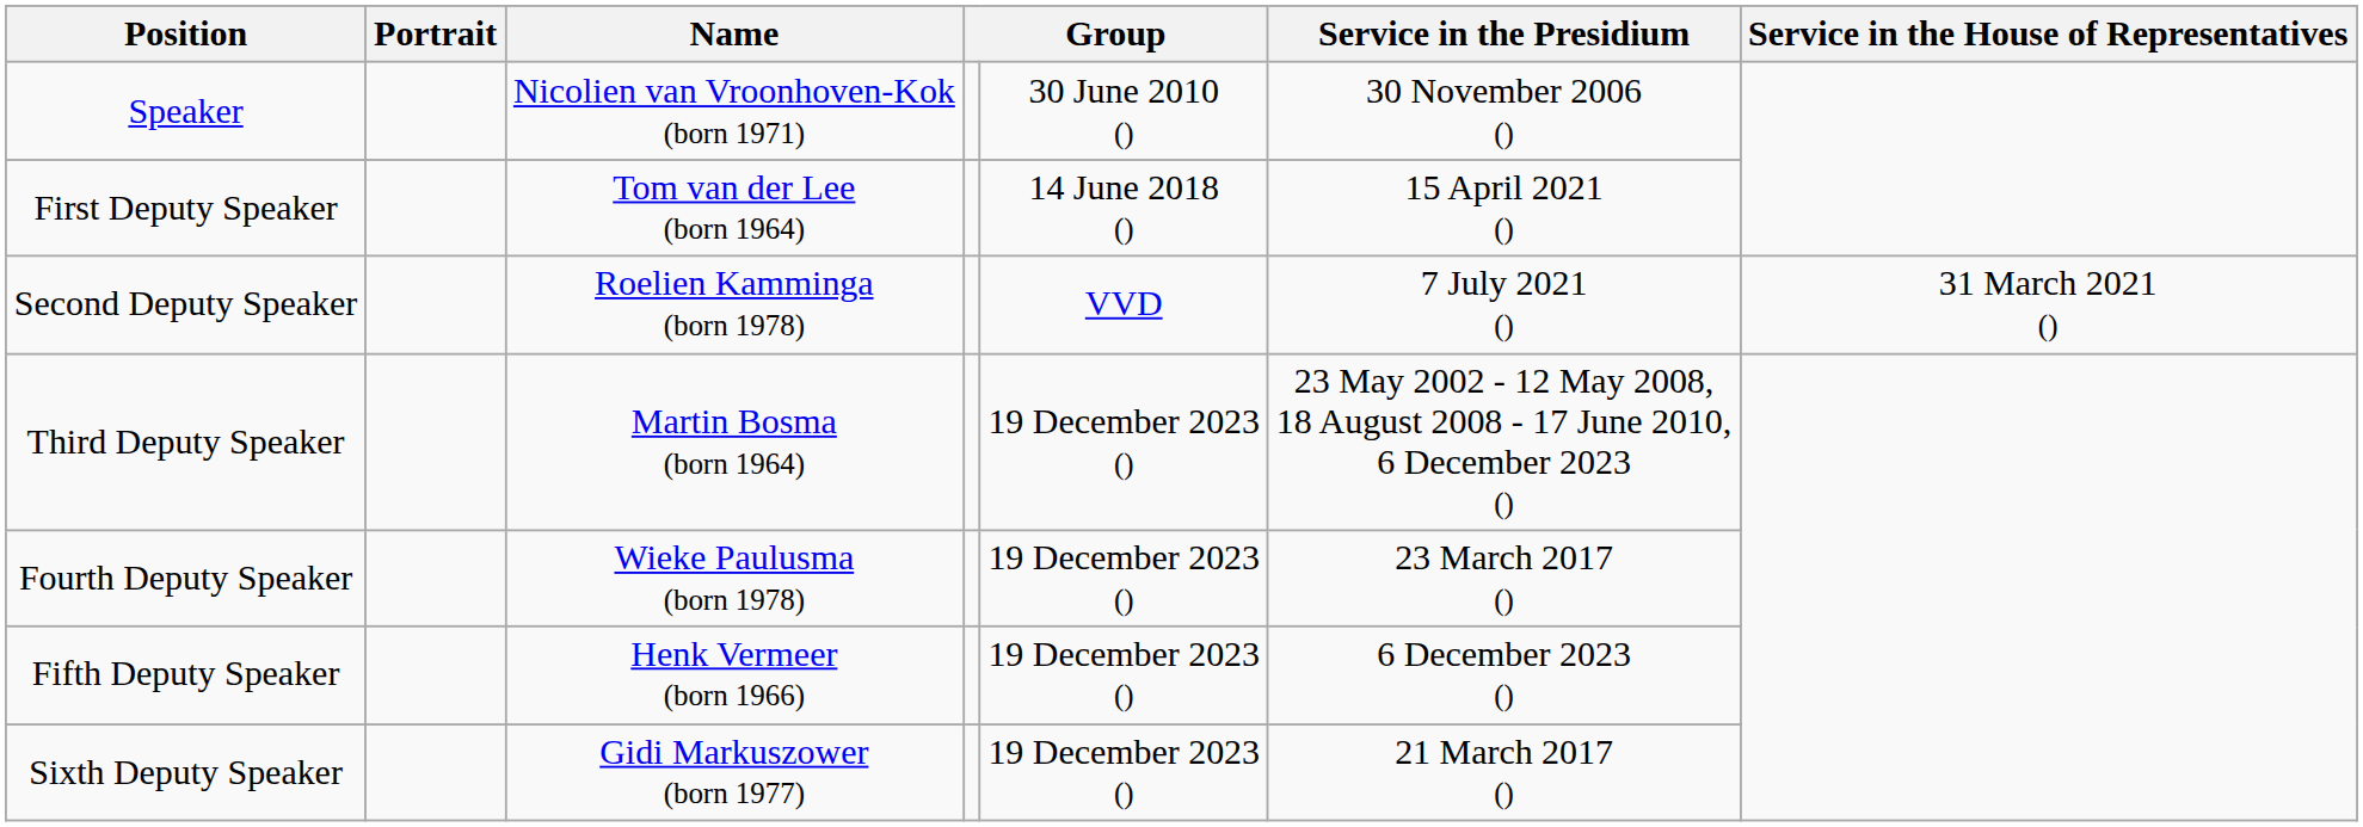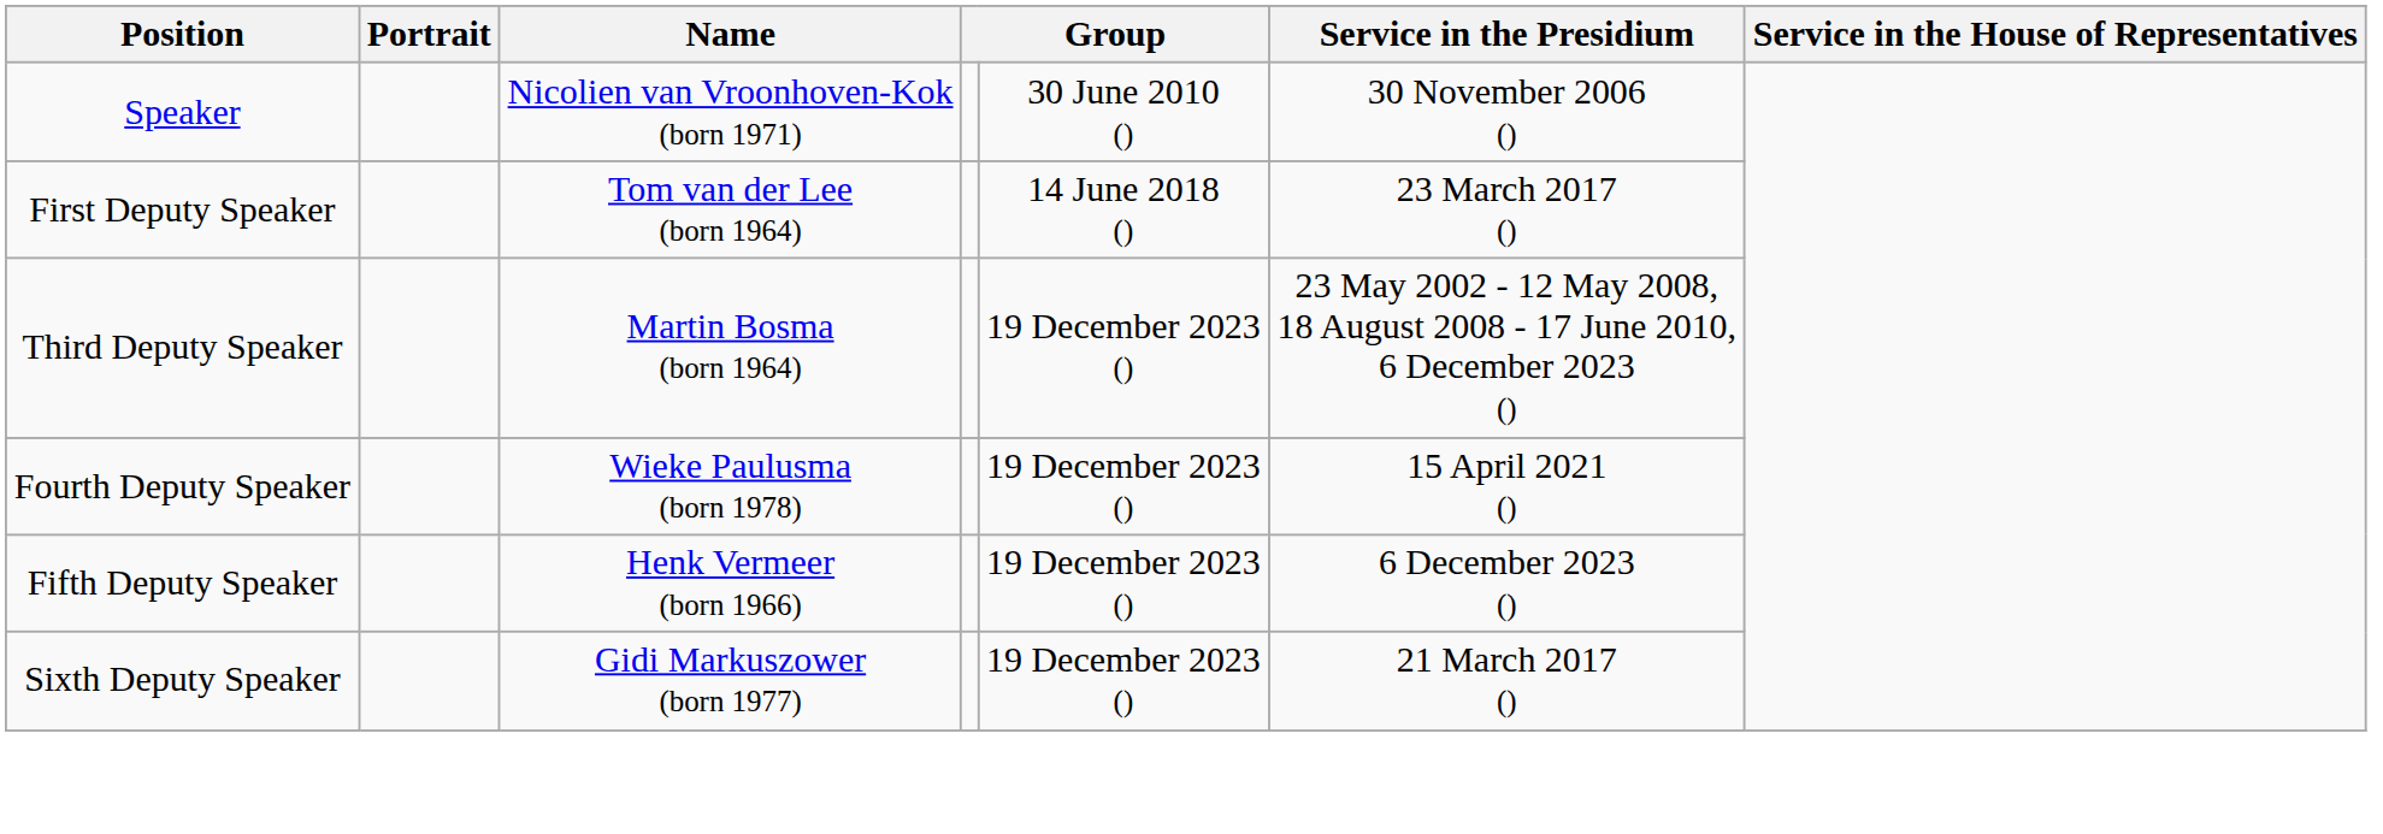 <table class="wikitable" style="text-align:center">
 <tr>
 <th>Position</th>
 <th>Portrait</th>
 <th>Name</th>
 <th colspan=2>Group</th>
 <th>Service in the Presidium</th>
 <th>Service in the House of Representatives</th>
 </tr>
 <tr>
 <td><a href='#'>Speaker</a></td>
 <td></td>
 <td><a href='#'>Nicolien van Vroonhoven-Kok</a> <br> <small>(born 1971)</small></td>
 <td></td>
 <td>30 June 2010 <br> <small>()</small></td>
 <td>30 November 2006 <br> <small>()</small></td>
 </tr>
 <tr>
 <td>First Deputy Speaker</td>
 <td></td>
 <td><a href='#'>Tom van der Lee</a> <br> <small>(born 1964)</small></td>
 <td></td>
 <td>14 June 2018 <br> <small>()</small></td>
-<td>15 April 2021 <br> <small>()</small></td>
-</tr>
-<tr>
-<td>Second Deputy Speaker</td>
-<td></td>
-<td><a href='#'>Roelien Kamminga</a> <br> <small>(born 1978)</small></td>
-<td style="background:"></td>
-<td><a href='#'>VVD</a></td>
-<td>7 July 2021 <br> <small>()</small></td>
-<td>31 March 2021 <br> <small>()</small></td>
+<td>23 March 2017 <br> <small>()</small></td>
 </tr>
 <tr>
 <td>Third Deputy Speaker</td>
 <td></td>
 <td><a href='#'>Martin Bosma</a> <br> <small>(born 1964)</small></td>
 <td></td>
 <td>19 December 2023 <br> <small>()</small></td>
 <td>23 May 2002 - 12 May 2008, <br> 18 August 2008 - 17 June 2010, <br> 6 December 2023  <br> <small>()</small></td>
 </tr>
 <tr>
 <td>Fourth Deputy Speaker</td>
 <td></td>
 <td><a href='#'>Wieke Paulusma</a> <br> <small>(born 1978)</small></td>
 <td></td>
 <td>19 December 2023 <br> <small>()</small></td>
-<td>23 March 2017 <br> <small>()</small></td>
+<td>15 April 2021 <br> <small>()</small></td>
 </tr>
 <tr>
 <td>Fifth Deputy Speaker</td>
 <td></td>
 <td><a href='#'>Henk Vermeer</a> <br> <small>(born 1966)</small></td>
 <td></td>
 <td>19 December 2023 <br> <small>()</small></td>
 <td>6 December 2023 <br> <small>()</small></td>
 </tr>
 <tr>
 <td>Sixth Deputy Speaker</td>
 <td></td>
 <td><a href='#'>Gidi Markuszower</a> <br> <small>(born 1977)</small></td>
 <td></td>
 <td>19 December 2023 <br> <small>()</small></td>
 <td>21 March 2017 <br> <small>()</small></td>
 </tr>
 </table>
